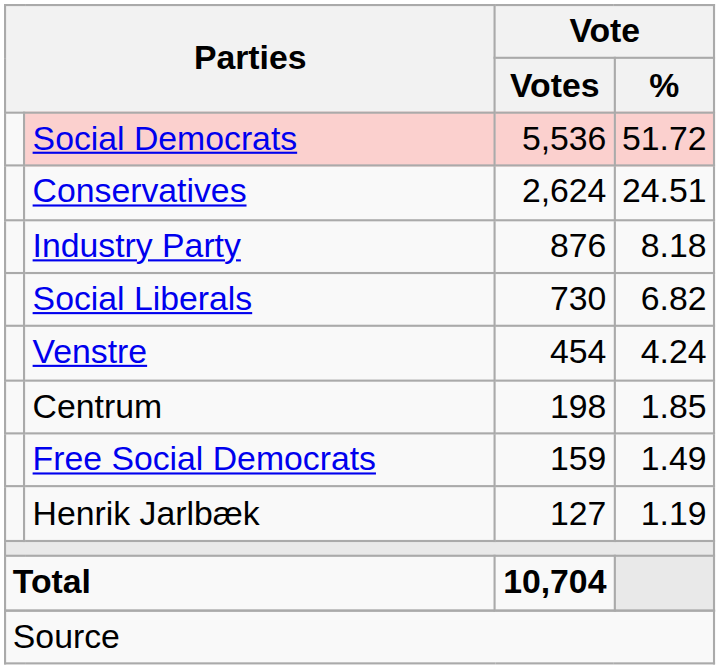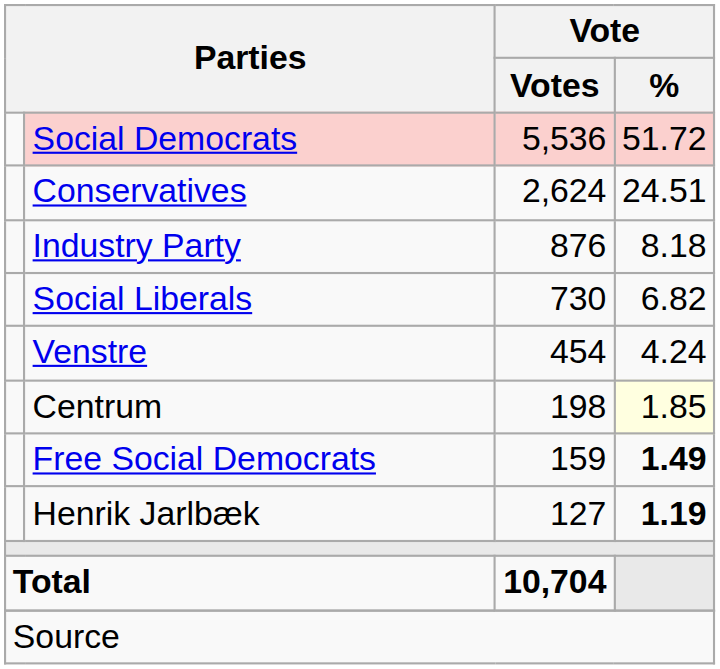 <table class="wikitable" style="text-align:right;">
 <tr>
 <th style="text-align:centre;" rowspan="2" colspan="2" width="225">Parties</th>
 <th colspan="3">Vote</th>
 </tr>
 <tr>
 <th width="15">Votes</th>
 <th width="15">%</th>
 </tr>
 <tr>
 <td width="2" style="color:inherit;background:"></td>
 <td bgcolor=#fbd0ce  align="left"><a href='#'>Social Democrats</a></td>
 <td bgcolor=#fbd0ce>5,536</td>
 <td bgcolor=#fbd0ce>51.72</td>
 </tr>
 <tr>
 <td width="2" style="color:inherit;background:"></td>
 <td align="left"><a href='#'>Conservatives</a></td>
 <td>2,624</td>
 <td>24.51</td>
 </tr>
 <tr>
 <td width="2" style="color:inherit;background:"></td>
 <td align="left"><a href='#'>Industry Party</a></td>
 <td>876</td>
 <td>8.18</td>
 </tr>
 <tr>
 <td width="2" style="color:inherit;background:"></td>
 <td align="left"><a href='#'>Social Liberals</a></td>
 <td>730</td>
 <td>6.82</td>
 </tr>
 <tr>
 <td width="2" style="color:inherit;background:"></td>
 <td align="left"><a href='#'>Venstre</a></td>
 <td>454</td>
 <td>4.24</td>
 </tr>
 <tr>
 <td width="2" style="color:inherit;background:"></td>
 <td align="left">Centrum</td>
 <td>198</td>
-<td>1.85</td>
+<td style="background: lightyellow;">1.85</td>
 </tr>
 <tr>
 <td width="2" style="color:inherit;background:"></td>
 <td align="left"><a href='#'>Free Social Democrats</a></td>
 <td>159</td>
-<td>1.49</td>
+<td><strong>1.49</strong></td>
 </tr>
 <tr>
 <td width="2" style="color:inherit;background:"></td>
 <td align="left">Henrik Jarlbæk</td>
 <td>127</td>
-<td>1.19</td>
+<td><strong>1.19</strong></td>
 </tr>
 <tr>
 <td colspan="7" bgcolor="#E9E9E9"></td>
 </tr>
 <tr>
 <td align="left" colspan="2"><strong>Total</strong></td>
 <td><strong>10,704</strong></td>
 <td bgcolor="#E9E9E9" colspan="2"></td>
 </tr>
 <tr>
 </tr>
 <tr>
 <td align="left" colspan="6">Source</td>
 </tr>
 </table>
